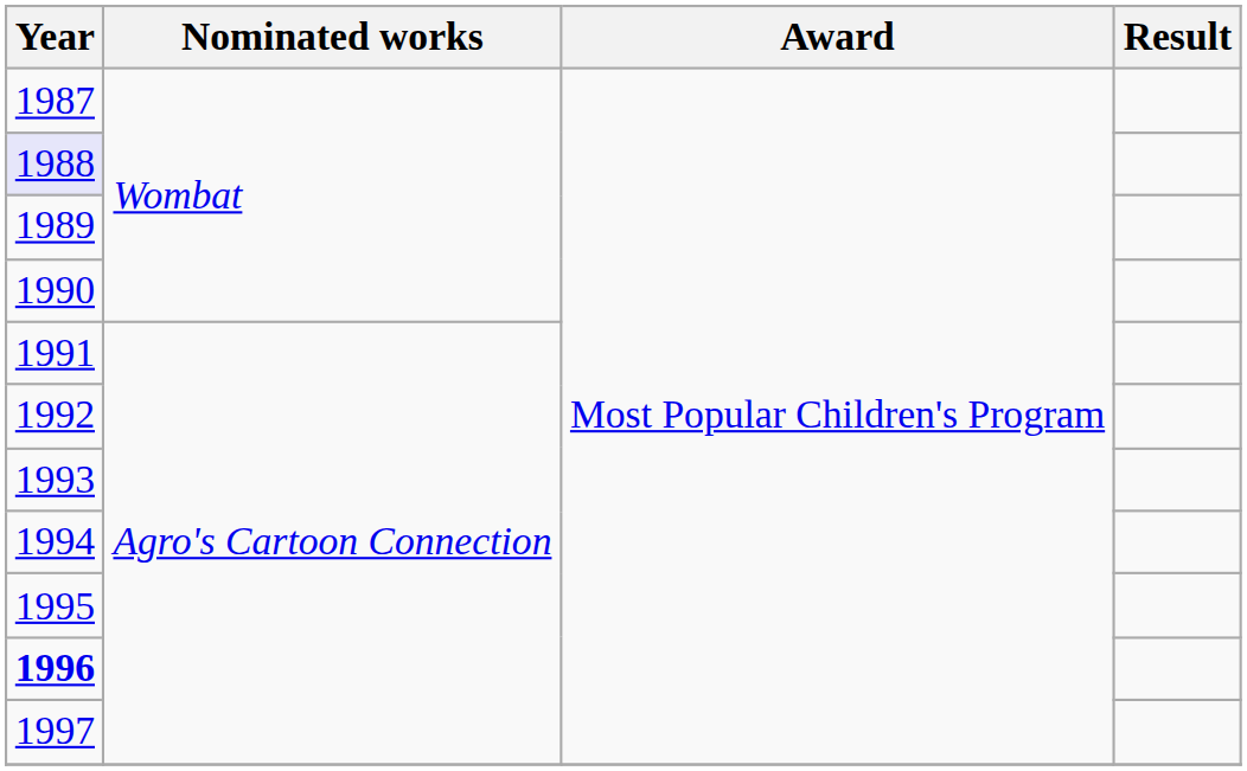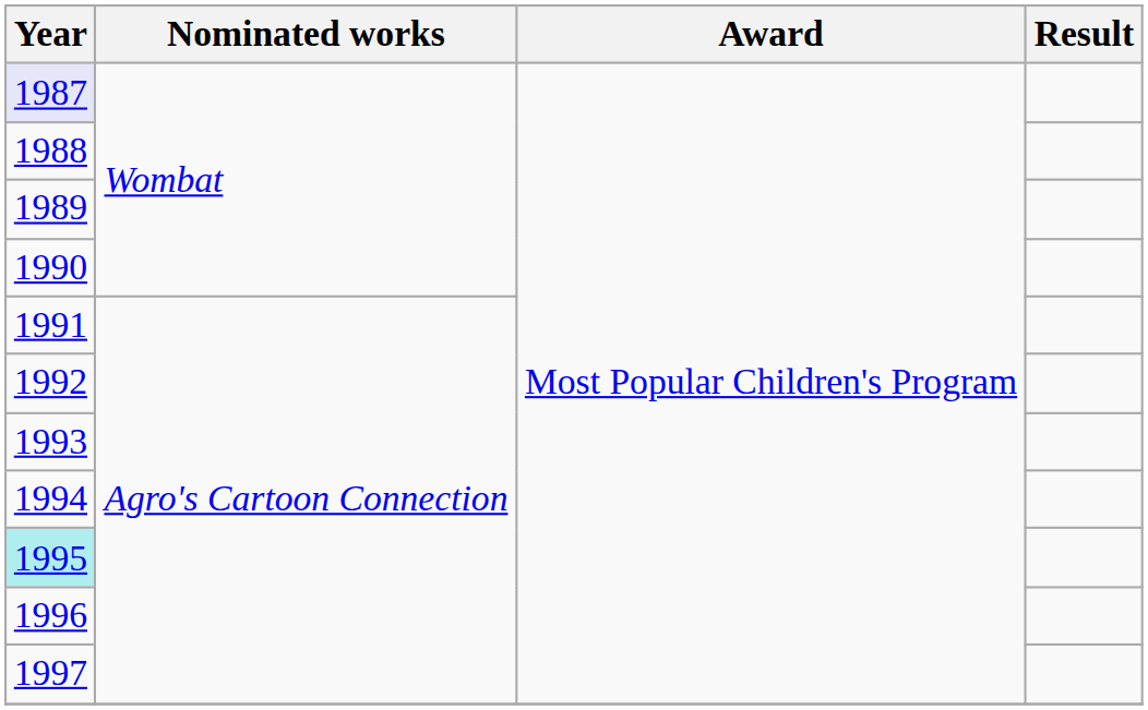 <table class="wikitable">
 <tr>
 <th>Year</th>
 <th>Nominated works</th>
 <th>Award</th>
 <th>Result</th>
 </tr>
 <tr>
-<td><a href='#'>1987</a></td>
+<td style="background: lavender;"><a href='#'>1987</a></td>
 <td rowspan="4"><em><a href='#'>Wombat</a></em></td>
 <td rowspan="11"><a href='#'>Most Popular Children's Program</a></td>
 <td></td>
 </tr>
 <tr>
-<td style="background: lavender;"><a href='#'>1988</a></td>
+<td><a href='#'>1988</a></td>
 <td></td>
 </tr>
 <tr>
 <td><a href='#'>1989</a></td>
 <td></td>
 </tr>
 <tr>
 <td><a href='#'>1990</a></td>
 <td></td>
 </tr>
 <tr>
 <td><a href='#'>1991</a></td>
 <td rowspan="7"><em><a href='#'>Agro's Cartoon Connection</a></em></td>
 <td></td>
 </tr>
 <tr>
 <td><a href='#'>1992</a></td>
 <td></td>
 </tr>
 <tr>
 <td><a href='#'>1993</a></td>
 <td></td>
 </tr>
 <tr>
 <td><a href='#'>1994</a></td>
 <td></td>
 </tr>
 <tr>
-<td><a href='#'>1995</a></td>
+<td style="background: paleturquoise;"><a href='#'>1995</a></td>
 <td></td>
 </tr>
 <tr>
-<td><strong><a href='#'>1996</a></strong></td>
+<td><a href='#'>1996</a></td>
 <td></td>
 </tr>
 <tr>
 <td><a href='#'>1997</a></td>
 <td></td>
 </tr>
 <tr>
 </tr>
 </table>
